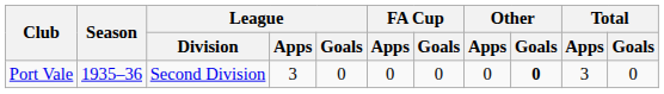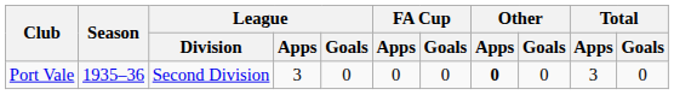 <table class="wikitable" style="text-align: center;">
 <tr>
 <th rowspan="2">Club</th>
 <th rowspan="2">Season</th>
 <th colspan="3">League</th>
 <th colspan="2">FA Cup</th>
 <th colspan="2">Other</th>
 <th colspan="2">Total</th>
 </tr>
 <tr>
 <th>Division</th>
 <th>Apps</th>
 <th>Goals</th>
 <th>Apps</th>
 <th>Goals</th>
 <th>Apps</th>
 <th>Goals</th>
 <th>Apps</th>
 <th>Goals</th>
 </tr>
 <tr>
 <td><a href='#'>Port Vale</a></td>
 <td><a href='#'>1935–36</a></td>
 <td><a href='#'>Second Division</a></td>
 <td>3</td>
 <td>0</td>
 <td>0</td>
 <td>0</td>
+<td><strong>0</strong></td>
 <td>0</td>
-<td><strong>0</strong></td>
 <td>3</td>
 <td>0</td>
 </tr>
 </table>
